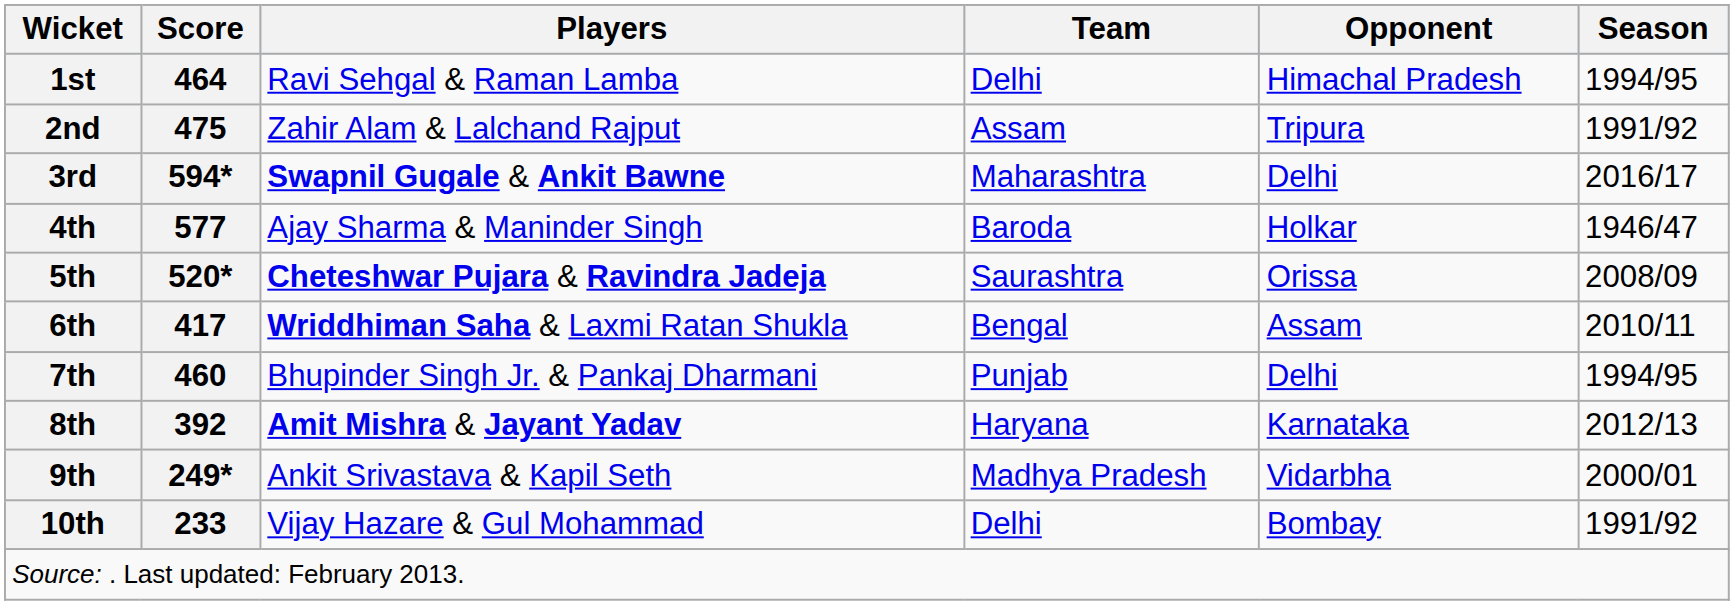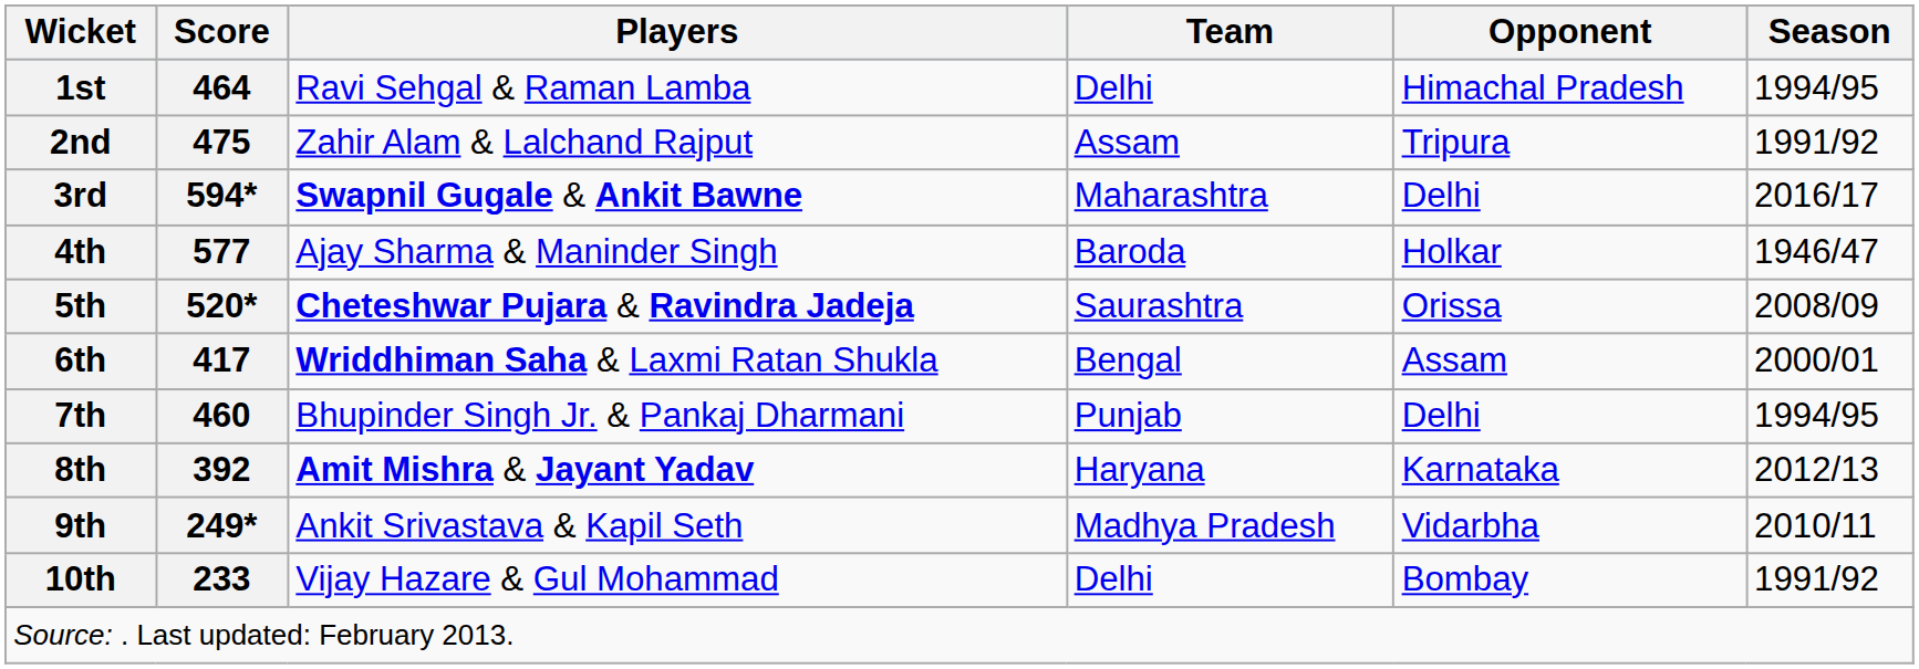 <table class="wikitable" width=70%>
 <tr bgcolor=#87cefa>
 <th>Wicket</th>
 <th>Score</th>
 <th>Players</th>
 <th>Team</th>
 <th>Opponent</th>
 <th>Season</th>
 </tr>
 <tr>
 <th>1st</th>
 <th>464</th>
 <td><a href='#'>Ravi Sehgal</a> & <a href='#'>Raman Lamba</a></td>
 <td><a href='#'>Delhi</a></td>
 <td><a href='#'>Himachal Pradesh</a></td>
 <td>1994/95</td>
 </tr>
 <tr>
 <th>2nd</th>
 <th>475</th>
 <td><a href='#'>Zahir Alam</a> & <a href='#'>Lalchand Rajput</a></td>
 <td><a href='#'>Assam</a></td>
 <td><a href='#'>Tripura</a></td>
 <td>1991/92</td>
 </tr>
 <tr>
 <th>3rd</th>
 <th>594*</th>
 <td><strong><a href='#'>Swapnil Gugale</a></strong> & <strong><a href='#'>Ankit Bawne</a></strong></td>
 <td><a href='#'>Maharashtra</a></td>
 <td><a href='#'>Delhi</a></td>
 <td>2016/17</td>
 </tr>
 <tr>
 <th>4th</th>
 <th>577</th>
 <td><a href='#'>Ajay Sharma</a> & <a href='#'>Maninder Singh</a></td>
 <td><a href='#'>Baroda</a></td>
 <td><a href='#'>Holkar</a></td>
 <td>1946/47</td>
 </tr>
 <tr>
 <th>5th</th>
 <th>520*</th>
 <td><strong><a href='#'>Cheteshwar Pujara</a></strong> & <strong><a href='#'>Ravindra Jadeja</a></strong></td>
 <td><a href='#'>Saurashtra</a></td>
 <td><a href='#'>Orissa</a></td>
 <td>2008/09</td>
 </tr>
 <tr>
 <th>6th</th>
 <th>417</th>
 <td><strong><a href='#'>Wriddhiman Saha</a></strong> & <a href='#'>Laxmi Ratan Shukla</a></td>
 <td><a href='#'>Bengal</a></td>
 <td><a href='#'>Assam</a></td>
-<td>2010/11</td>
+<td>2000/01</td>
 </tr>
 <tr>
 <th>7th</th>
 <th>460</th>
 <td><a href='#'>Bhupinder Singh Jr.</a> & <a href='#'>Pankaj Dharmani</a></td>
 <td><a href='#'>Punjab</a></td>
 <td><a href='#'>Delhi</a></td>
 <td>1994/95</td>
 </tr>
 <tr>
 <th>8th</th>
 <th>392</th>
 <td><strong><a href='#'>Amit Mishra</a></strong> & <strong><a href='#'>Jayant Yadav</a></strong></td>
 <td><a href='#'>Haryana</a></td>
 <td><a href='#'>Karnataka</a></td>
 <td>2012/13</td>
 </tr>
 <tr>
 <th>9th</th>
 <th>249*</th>
 <td><a href='#'>Ankit Srivastava</a> & <a href='#'>Kapil Seth</a></td>
 <td><a href='#'>Madhya Pradesh</a></td>
 <td><a href='#'>Vidarbha</a></td>
-<td>2000/01</td>
+<td>2010/11</td>
 </tr>
 <tr>
 <th>10th</th>
 <th>233</th>
 <td><a href='#'>Vijay Hazare</a> & <a href='#'>Gul Mohammad</a></td>
 <td><a href='#'>Delhi</a></td>
 <td><a href='#'>Bombay</a></td>
 <td>1991/92</td>
 </tr>
 <tr>
 <td colspan=6><small><em>Source: </em>.  Last updated: February 2013.</small></td>
 </tr>
 </table>
